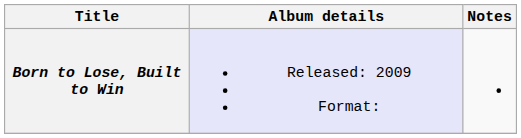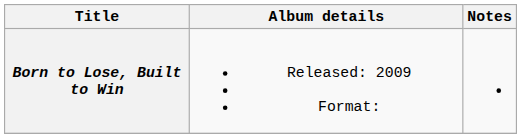 <table class="wikitable plainrowheaders" style="text-align:center;">
 <tr>
 <th scope="col" style="width:12em;">Title</th>
 <th scope="col" style="width:18em;">Album details</th>
 <th scope="col">Notes</th>
 </tr>
 <tr>
 <th scope="row"><em>Born to Lose, Built to Win</em></th>
-<td style="background: lavender;"><br><ul><li>Released: 2009</li><li></li><li>Format:</li></ul></td>
+<td><br><ul><li>Released: 2009</li><li></li><li>Format:</li></ul></td>
 <td><br><ul><li></li></ul></td>
 </tr>
 <tr>
 </tr>
 </table>
